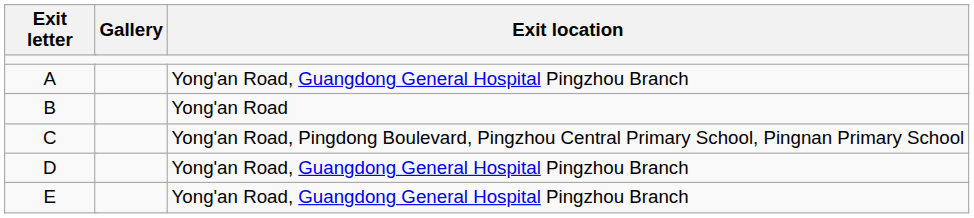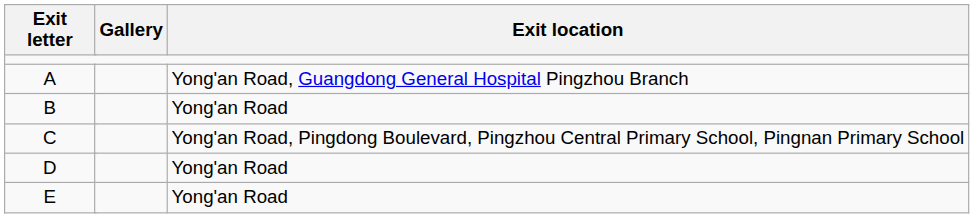 <table class="wikitable">
 <tr>
 <th colspan=2 style="width:70px">Exit letter</th>
 <th>Gallery</th>
 <th>Exit location</th>
 </tr>
 <tr style="background:#">
 <td colspan="4"></td>
 </tr>
 <tr>
 <td colspan=2 align=center>A</td>
 <td></td>
 <td>Yong'an Road, <a href='#'>Guangdong General Hospital</a> Pingzhou Branch</td>
 </tr>
 <tr>
 <td colspan=2 align=center>B</td>
 <td></td>
 <td>Yong'an Road</td>
 </tr>
 <tr>
 <td colspan=2 align=center>C</td>
 <td></td>
 <td>Yong'an Road, Pingdong Boulevard, Pingzhou Central Primary School, Pingnan Primary School</td>
 </tr>
 <tr>
 <td colspan=2 align=center>D</td>
 <td></td>
-<td>Yong'an Road, <a href='#'>Guangdong General Hospital</a> Pingzhou Branch</td>
+<td>Yong'an Road</td>
 </tr>
 <tr>
 <td colspan=2 align=center>E</td>
 <td></td>
-<td>Yong'an Road, <a href='#'>Guangdong General Hospital</a> Pingzhou Branch</td>
+<td>Yong'an Road</td>
 </tr>
 </table>
